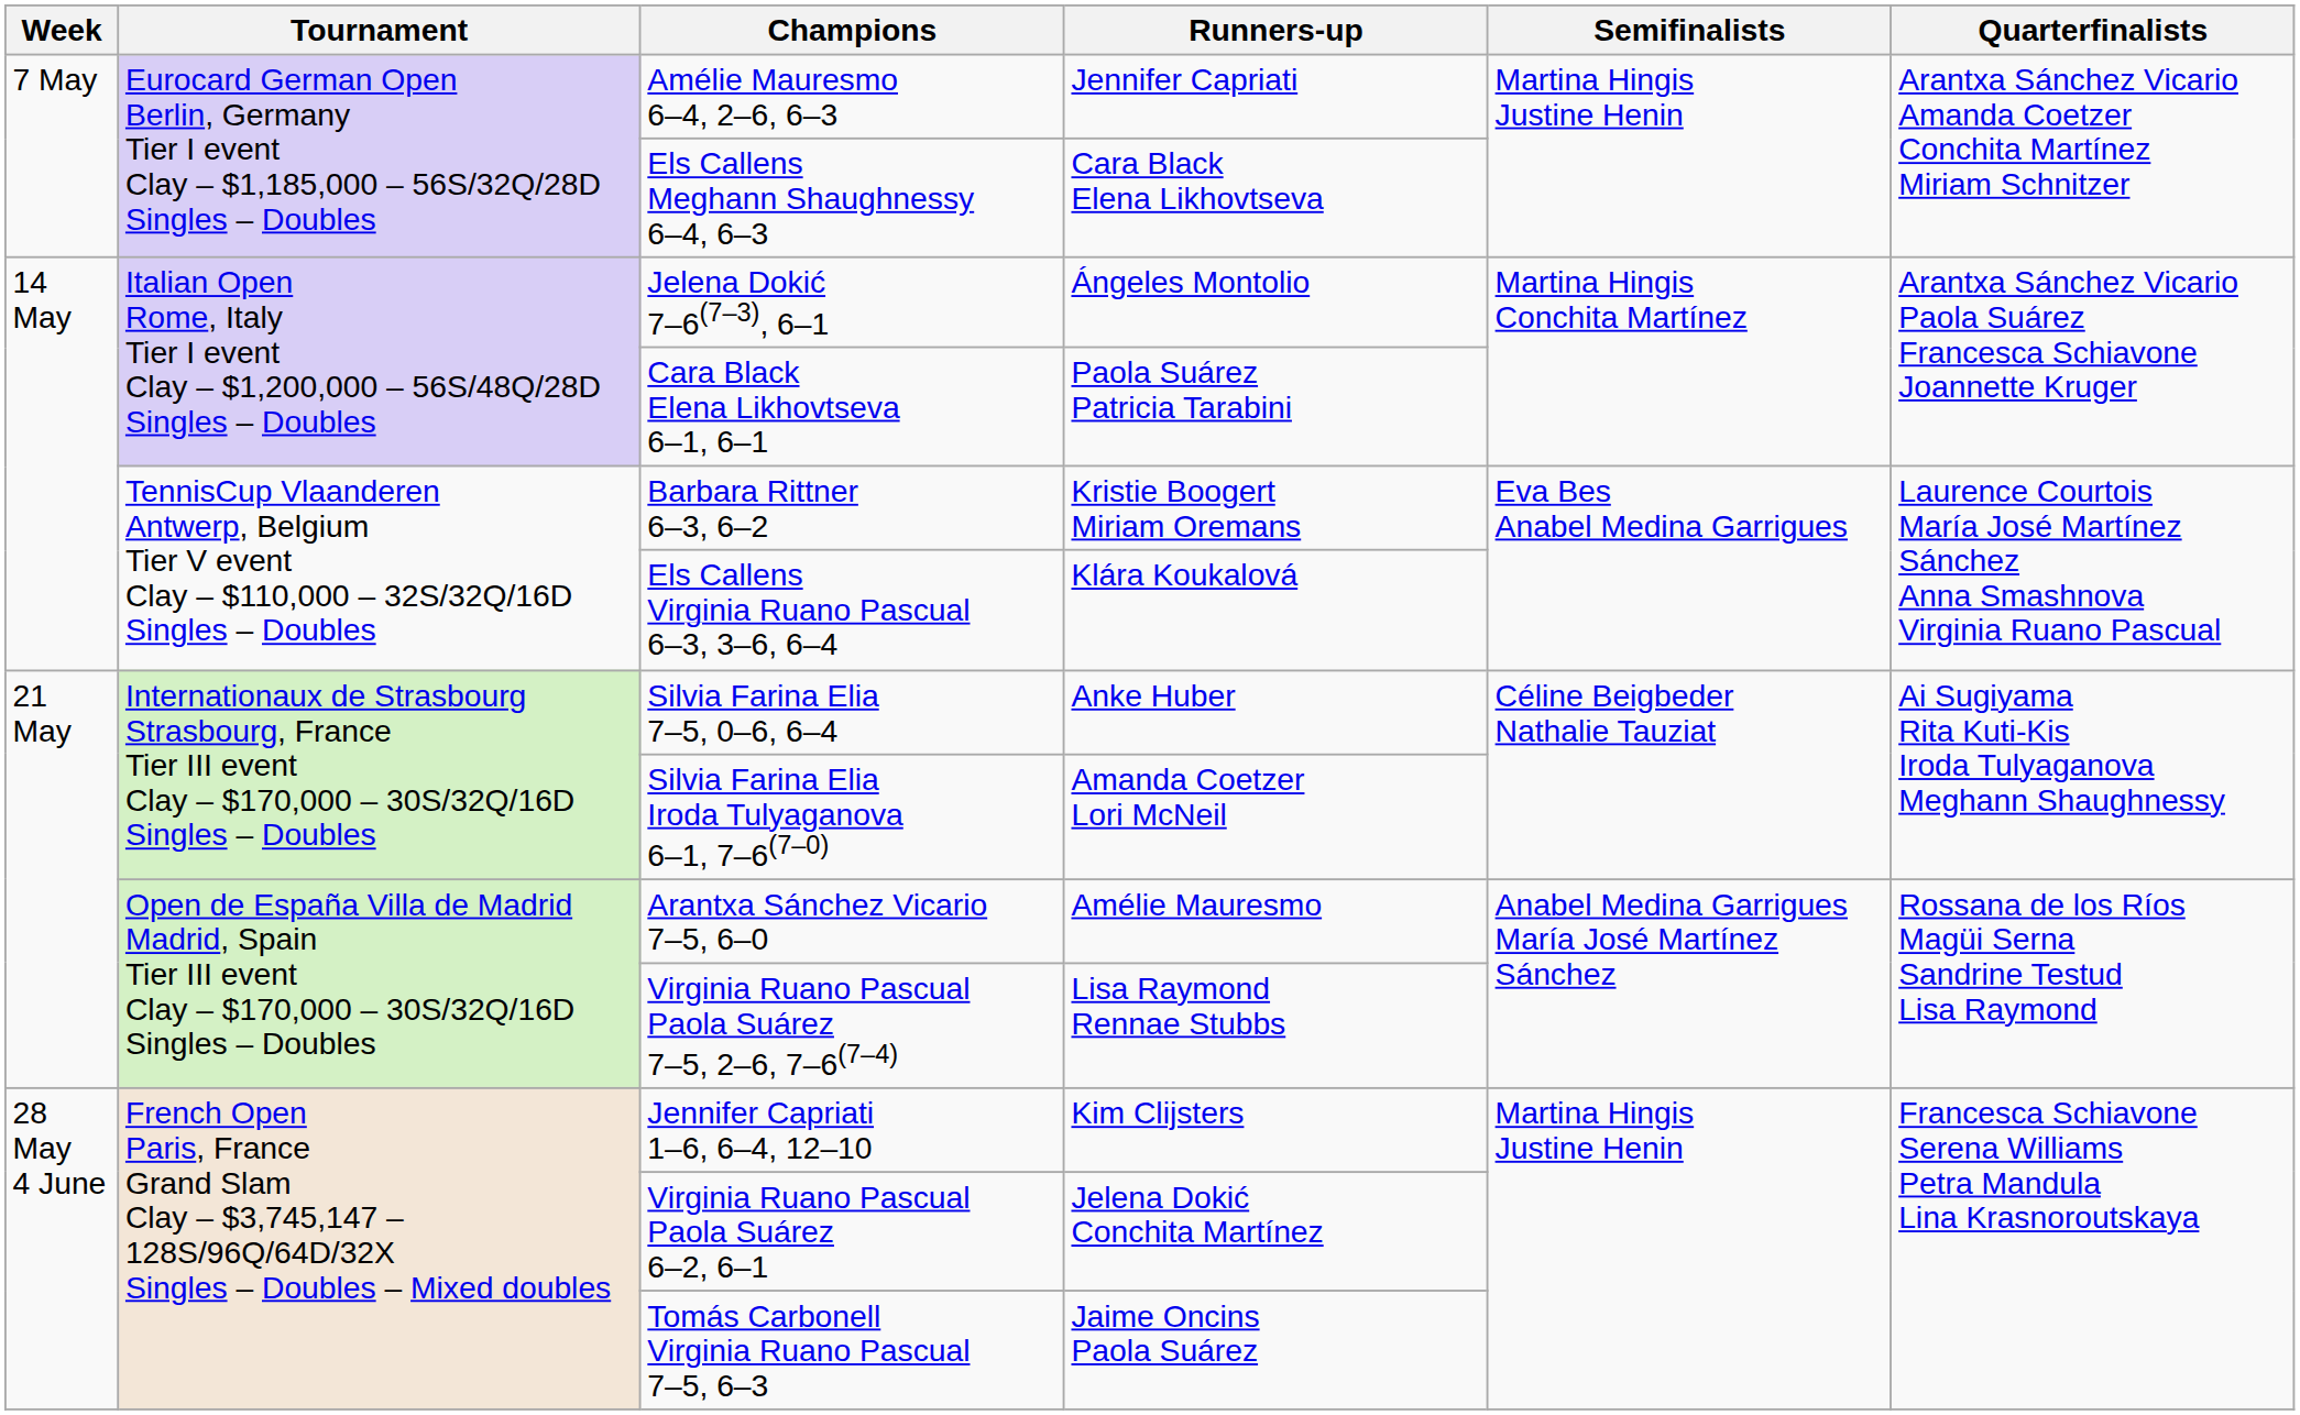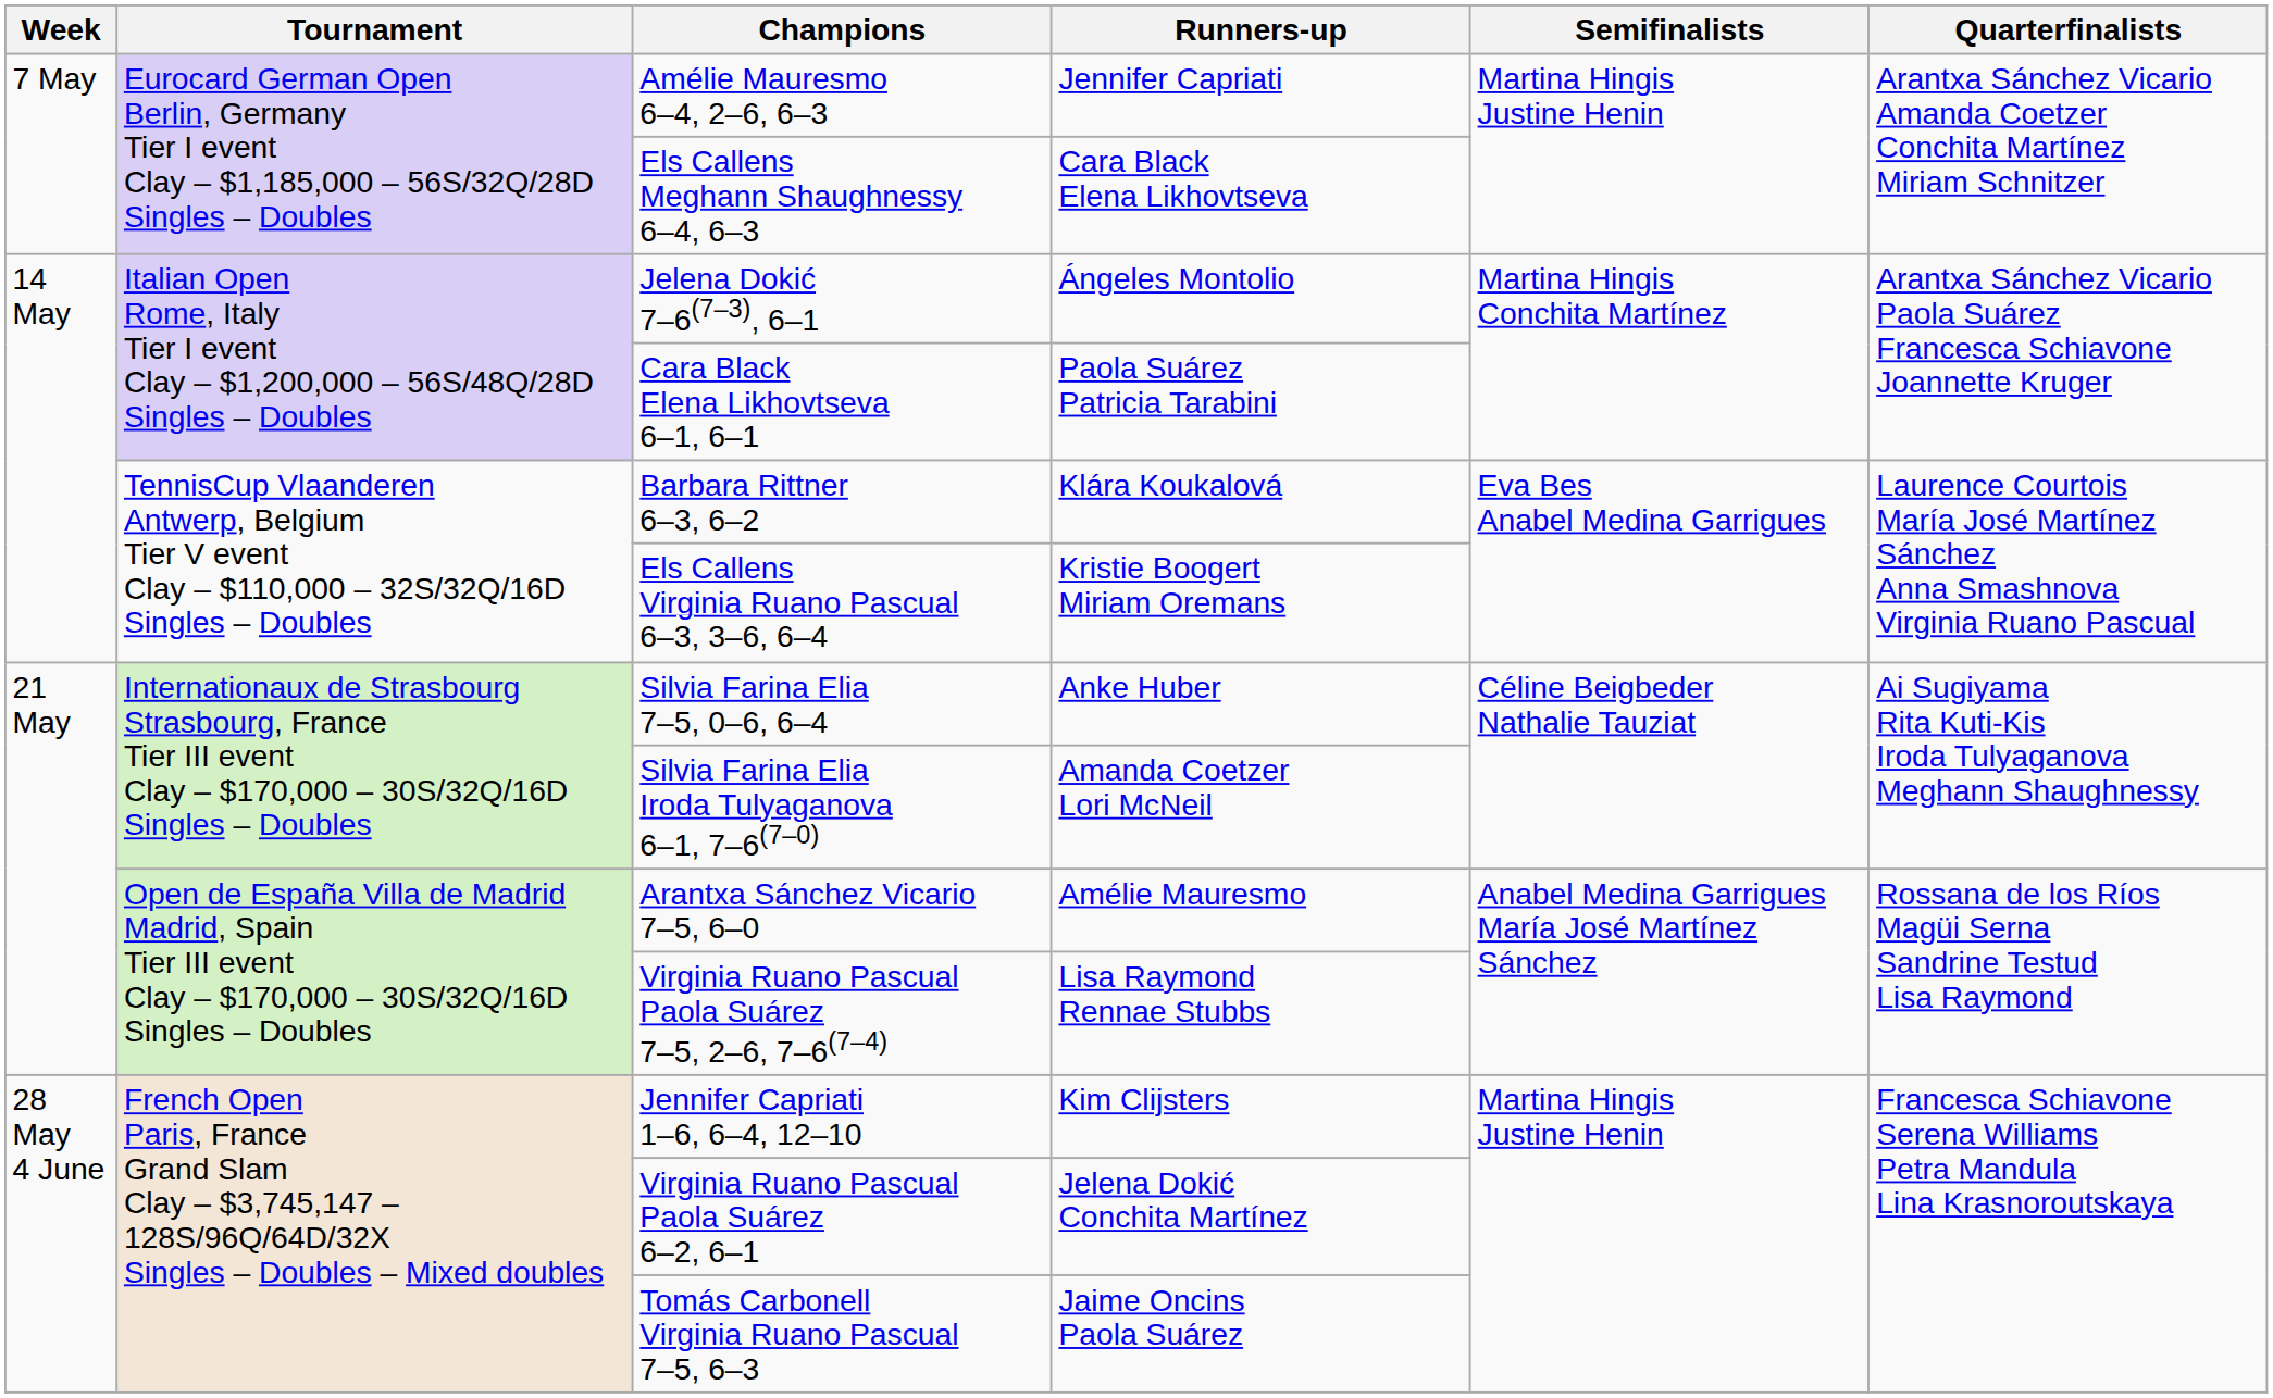 <table class=wikitable style=font-size:95%>
 <tr>
 <th style="width:48px;">Week</th>
 <th style="width:248px;">Tournament</th>
 <th style="width:200px;">Champions</th>
 <th style="width:200px;">Runners-up</th>
 <th style="width:190px;">Semifinalists</th>
 <th style="width:190px;">Quarterfinalists</th>
 </tr>
 <tr valign="top">
 <td rowspan=2>7 May</td>
 <td rowspan=2 bgcolor=#d8cef6><a href='#'>Eurocard German Open</a><br> <a href='#'>Berlin</a>, Germany <br>Tier I event <br> Clay – $1,185,000 – 56S/32Q/28D<br><a href='#'>Singles</a> – <a href='#'>Doubles</a></td>
 <td> <a href='#'>Amélie Mauresmo</a>  <br> 6–4, 2–6, 6–3</td>
 <td> <a href='#'>Jennifer Capriati</a></td>
 <td rowspan=2> <a href='#'>Martina Hingis</a><br> <a href='#'>Justine Henin</a></td>
 <td rowspan=2> <a href='#'>Arantxa Sánchez Vicario</a>  <br>  <a href='#'>Amanda Coetzer</a> <br> <a href='#'>Conchita Martínez</a><br>   <a href='#'>Miriam Schnitzer</a></td>
 </tr>
 <tr valign="top">
 <td> <a href='#'>Els Callens</a> <br>  <a href='#'>Meghann Shaughnessy</a><br>6–4, 6–3</td>
 <td> <a href='#'>Cara Black</a> <br>  <a href='#'>Elena Likhovtseva</a></td>
 </tr>
 <tr valign="top">
 <td rowspan=4>14 May</td>
 <td rowspan=2 bgcolor=#d8cef6><a href='#'>Italian Open</a><br> <a href='#'>Rome</a>, Italy <br>Tier I event <br> Clay – $1,200,000 – 56S/48Q/28D<br><a href='#'>Singles</a> – <a href='#'>Doubles</a></td>
 <td> <a href='#'>Jelena Dokić</a>  <br> 7–6<sup>(7–3)</sup>, 6–1</td>
 <td> <a href='#'>Ángeles Montolio</a></td>
 <td rowspan=2> <a href='#'>Martina Hingis</a><br> <a href='#'>Conchita Martínez</a></td>
 <td rowspan=2> <a href='#'>Arantxa Sánchez Vicario</a>  <br>  <a href='#'>Paola Suárez</a> <br> <a href='#'>Francesca Schiavone</a><br>   <a href='#'>Joannette Kruger</a></td>
 </tr>
 <tr valign="top">
 <td> <a href='#'>Cara Black</a> <br>  <a href='#'>Elena Likhovtseva</a><br>6–1, 6–1</td>
 <td> <a href='#'>Paola Suárez</a> <br>  <a href='#'>Patricia Tarabini</a></td>
 </tr>
 <tr valign="top">
 <td rowspan=2><a href='#'>TennisCup Vlaanderen</a><br> <a href='#'>Antwerp</a>, Belgium <br>Tier V event <br> Clay – $110,000 – 32S/32Q/16D<br><a href='#'>Singles</a> – <a href='#'>Doubles</a></td>
 <td> <a href='#'>Barbara Rittner</a>  <br> 6–3, 6–2</td>
-<td> <a href='#'>Kristie Boogert</a> <br>  <a href='#'>Miriam Oremans</a></td>
+<td> <a href='#'>Klára Koukalová</a></td>
 <td rowspan=2> <a href='#'>Eva Bes</a><br> <a href='#'>Anabel Medina Garrigues</a></td>
 <td rowspan=2> <a href='#'>Laurence Courtois</a>  <br>  <a href='#'>María José Martínez Sánchez</a> <br> <a href='#'>Anna Smashnova</a><br>   <a href='#'>Virginia Ruano Pascual</a></td>
 </tr>
 <tr valign="top">
 <td> <a href='#'>Els Callens</a> <br>  <a href='#'>Virginia Ruano Pascual</a> <br>6–3, 3–6, 6–4</td>
-<td> <a href='#'>Klára Koukalová</a></td>
+<td> <a href='#'>Kristie Boogert</a> <br>  <a href='#'>Miriam Oremans</a></td>
 </tr>
 <tr valign="top">
 <td rowspan=4>21 May</td>
 <td rowspan=2 bgcolor=#D4F1C5><a href='#'>Internationaux de Strasbourg</a><br> <a href='#'>Strasbourg</a>, France <br>Tier III event <br> Clay – $170,000 – 30S/32Q/16D<br><a href='#'>Singles</a> – <a href='#'>Doubles</a></td>
 <td> <a href='#'>Silvia Farina Elia</a>  <br> 7–5, 0–6, 6–4</td>
 <td> <a href='#'>Anke Huber</a></td>
 <td rowspan=2> <a href='#'>Céline Beigbeder</a><br> <a href='#'>Nathalie Tauziat</a></td>
 <td rowspan=2> <a href='#'>Ai Sugiyama</a>  <br>  <a href='#'>Rita Kuti-Kis</a> <br> <a href='#'>Iroda Tulyaganova</a><br>   <a href='#'>Meghann Shaughnessy</a></td>
 </tr>
 <tr valign="top">
 <td> <a href='#'>Silvia Farina Elia</a> <br>  <a href='#'>Iroda Tulyaganova</a> <br>6–1, 7–6<sup>(7–0)</sup></td>
 <td> <a href='#'>Amanda Coetzer</a> <br>  <a href='#'>Lori McNeil</a></td>
 </tr>
 <tr valign="top">
 <td rowspan=2 bgcolor=#D4F1C5><a href='#'>Open de España Villa de Madrid</a><br> <a href='#'>Madrid</a>, Spain <br>Tier III event <br> Clay – $170,000 – 30S/32Q/16D<br>Singles – Doubles</td>
 <td> <a href='#'>Arantxa Sánchez Vicario</a>  <br> 7–5, 6–0</td>
 <td> <a href='#'>Amélie Mauresmo</a></td>
 <td rowspan=2> <a href='#'>Anabel Medina Garrigues</a><br> <a href='#'>María José Martínez Sánchez</a></td>
 <td rowspan=2> <a href='#'>Rossana de los Ríos</a>  <br>  <a href='#'>Magüi Serna</a> <br> <a href='#'>Sandrine Testud</a><br>   <a href='#'>Lisa Raymond</a></td>
 </tr>
 <tr valign="top">
 <td> <a href='#'>Virginia Ruano Pascual</a> <br>  <a href='#'>Paola Suárez</a> <br>7–5, 2–6, 7–6<sup>(7–4)</sup></td>
 <td> <a href='#'>Lisa Raymond</a> <br>  <a href='#'>Rennae Stubbs</a></td>
 </tr>
 <tr valign="top">
 <td rowspan=3>28 May<br>4 June</td>
 <td rowspan=3 bgcolor=#F3E6D7><a href='#'>French Open</a> <br> <a href='#'>Paris</a>, France <br>Grand Slam<br>Clay – $3,745,147 – 128S/96Q/64D/32X<br><a href='#'>Singles</a> – <a href='#'>Doubles</a> – <a href='#'>Mixed doubles</a></td>
 <td> <a href='#'>Jennifer Capriati</a>  <br> 1–6, 6–4, 12–10</td>
 <td> <a href='#'>Kim Clijsters</a></td>
 <td rowspan=3> <a href='#'>Martina Hingis</a><br> <a href='#'>Justine Henin</a></td>
 <td rowspan=3> <a href='#'>Francesca Schiavone</a>  <br>  <a href='#'>Serena Williams</a> <br> <a href='#'>Petra Mandula</a><br>   <a href='#'>Lina Krasnoroutskaya</a></td>
 </tr>
 <tr valign="top">
 <td> <a href='#'>Virginia Ruano Pascual</a> <br>  <a href='#'>Paola Suárez</a> <br>6–2, 6–1</td>
 <td> <a href='#'>Jelena Dokić</a> <br>  <a href='#'>Conchita Martínez</a></td>
 </tr>
 <tr valign="top">
 <td> <a href='#'>Tomás Carbonell</a> <br>  <a href='#'>Virginia Ruano Pascual</a> <br>7–5, 6–3</td>
 <td> <a href='#'>Jaime Oncins</a> <br>  <a href='#'>Paola Suárez</a></td>
 </tr>
 </table>
